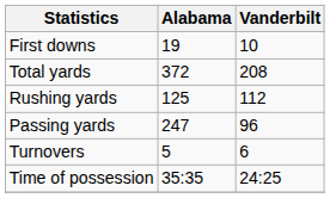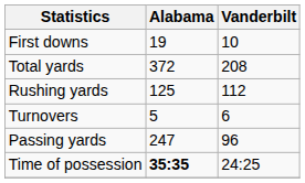 <table class="wikitable" style="float: left;">
 <tr>
 <th>Statistics</th>
 <th>Alabama</th>
 <th>Vanderbilt</th>
 </tr>
 <tr>
 <td>First downs</td>
 <td>19</td>
 <td>10</td>
 </tr>
 <tr>
 <td>Total yards</td>
 <td>372</td>
 <td>208</td>
 </tr>
 <tr>
 <td>Rushing yards</td>
 <td>125</td>
 <td>112</td>
 </tr>
 <tr>
+<td>Turnovers</td>
+<td>5</td>
+<td>6</td>
+</tr>
+<tr>
 <td>Passing yards</td>
 <td>247</td>
 <td>96</td>
 </tr>
 <tr>
-<td>Turnovers</td>
-<td>5</td>
-<td>6</td>
-</tr>
-<tr>
 <td>Time of possession</td>
-<td>35:35</td>
+<td><strong>35:35</strong></td>
 <td>24:25</td>
 </tr>
 <tr>
 </tr>
 </table>
